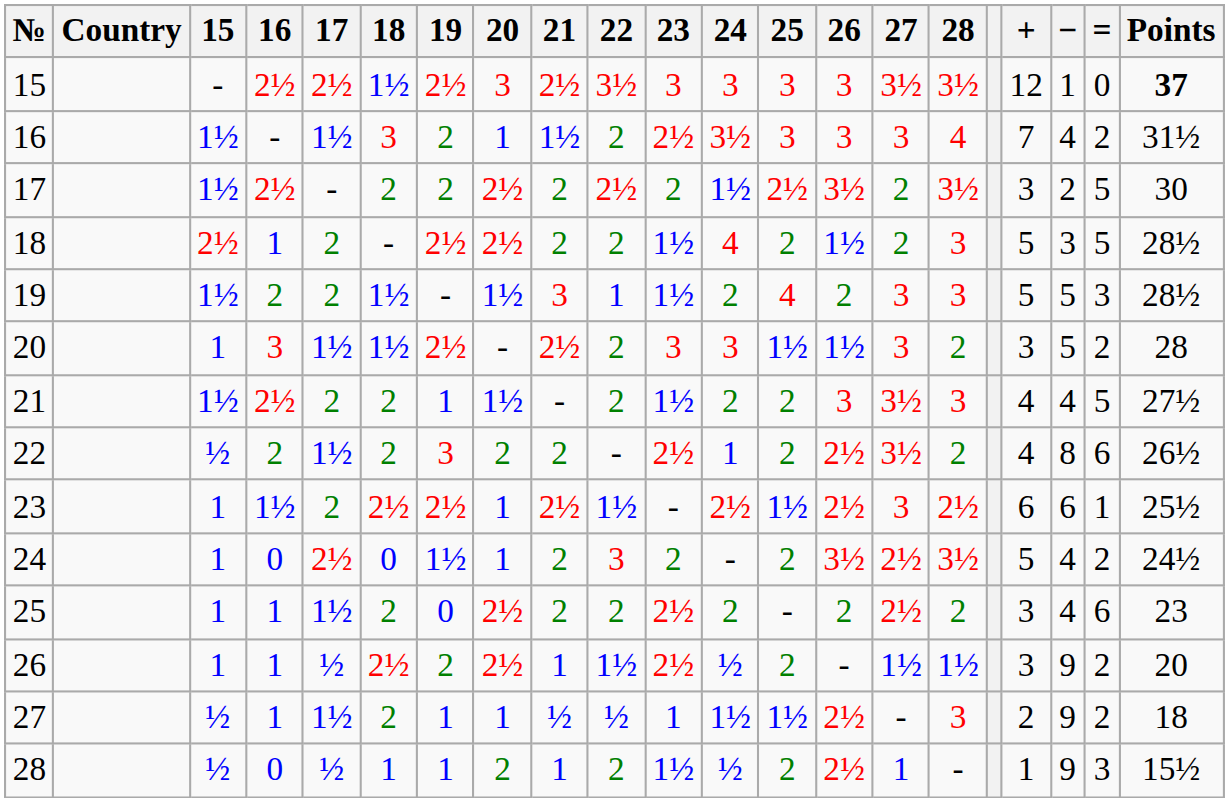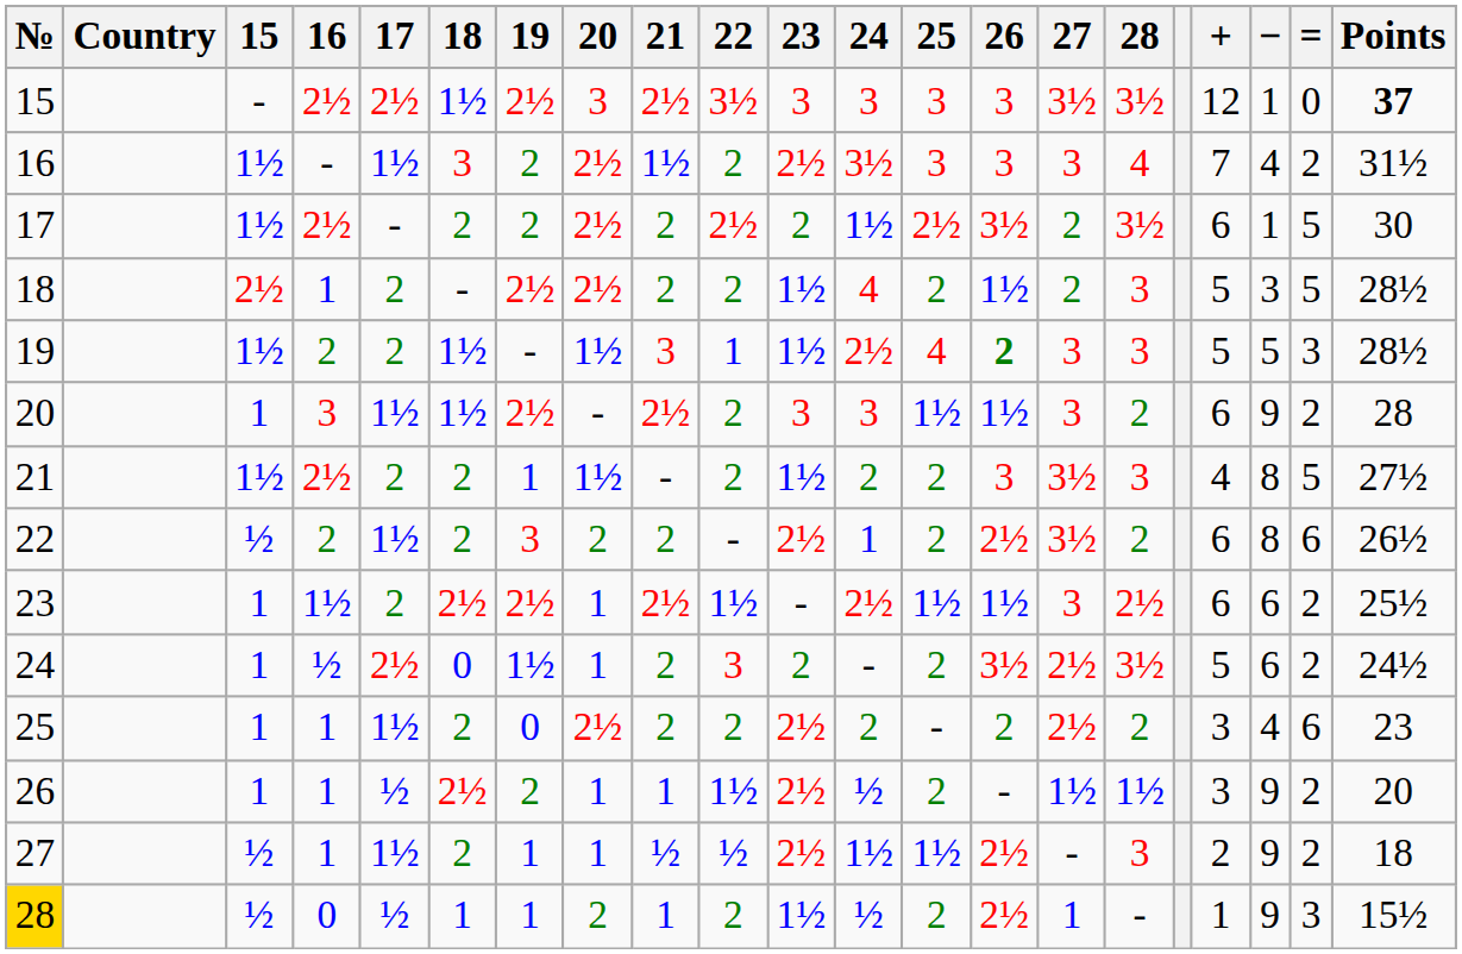 <table class="wikitable" style="text-align:center">
 <tr>
 <th>№</th>
 <th>Country</th>
 <th>15</th>
 <th>16</th>
 <th>17</th>
 <th>18</th>
 <th>19</th>
 <th>20</th>
 <th>21</th>
 <th>22</th>
 <th>23</th>
 <th>24</th>
 <th>25</th>
 <th>26</th>
 <th>27</th>
 <th>28</th>
 <th></th>
 <th>+</th>
 <th>−</th>
 <th>=</th>
 <th>Points</th>
 </tr>
 <tr>
 <td>15</td>
 <td style="text-align: left"></td>
 <td>-</td>
 <td style="color:red;">2½</td>
 <td style="color:red;">2½</td>
 <td style="color:blue;">1½</td>
 <td style="color:red;">2½</td>
 <td style="color:red;">3</td>
 <td style="color:red;">2½</td>
 <td style="color:red;">3½</td>
 <td style="color:red;">3</td>
 <td style="color:red;">3</td>
 <td style="color:red;">3</td>
 <td style="color:red;">3</td>
 <td style="color:red;">3½</td>
 <td style="color:red;">3½</td>
 <th></th>
 <td>12</td>
 <td>1</td>
 <td>0</td>
 <td><strong>37 </strong></td>
 </tr>
 <tr>
 <td>16</td>
 <td style="text-align: left"></td>
 <td style="color:blue;">1½</td>
 <td>-</td>
 <td style="color:blue;">1½</td>
 <td style="color:red;">3</td>
 <td style="color:green;">2</td>
-<td style="color:blue;">1</td>
+<td style="color:red;">2½</td>
 <td style="color:blue;">1½</td>
 <td style="color:green;">2</td>
 <td style="color:red;">2½</td>
 <td style="color:red;">3½</td>
 <td style="color:red;">3</td>
 <td style="color:red;">3</td>
 <td style="color:red;">3</td>
 <td style="color:red;">4</td>
 <th></th>
 <td>7</td>
 <td>4</td>
 <td>2</td>
 <td>31½</td>
 </tr>
 <tr>
 <td>17</td>
 <td style="text-align: left"></td>
 <td style="color:blue;">1½</td>
 <td style="color:red;">2½</td>
 <td>-</td>
 <td style="color:green;">2</td>
 <td style="color:green;">2</td>
 <td style="color:red;">2½</td>
 <td style="color:green;">2</td>
 <td style="color:red;">2½</td>
 <td style="color:green;">2</td>
 <td style="color:blue;">1½</td>
 <td style="color:red;">2½</td>
 <td style="color:red;">3½</td>
 <td style="color:green;">2</td>
 <td style="color:red;">3½</td>
 <th></th>
-<td>3</td>
-<td>2</td>
+<td>6</td>
+<td>1</td>
 <td>5</td>
 <td>30</td>
 </tr>
 <tr>
 <td>18</td>
 <td style="text-align: left"></td>
 <td style="color:red;">2½</td>
 <td style="color:blue;">1</td>
 <td style="color:green;">2</td>
 <td>-</td>
 <td style="color:red;">2½</td>
 <td style="color:red;">2½</td>
 <td style="color:green;">2</td>
 <td style="color:green;">2</td>
 <td style="color:blue;">1½</td>
 <td style="color:red;">4</td>
 <td style="color:green;">2</td>
 <td style="color:blue;">1½</td>
 <td style="color:green;">2</td>
 <td style="color:red;">3</td>
 <th></th>
 <td>5</td>
 <td>3</td>
 <td>5</td>
 <td>28½</td>
 </tr>
 <tr>
 <td>19</td>
 <td style="text-align: left"></td>
 <td style="color:blue;">1½</td>
 <td style="color:green;">2</td>
 <td style="color:green;">2</td>
 <td style="color:blue;">1½</td>
 <td>-</td>
 <td style="color:blue;">1½</td>
 <td style="color:red;">3</td>
 <td style="color:blue;">1</td>
 <td style="color:blue;">1½</td>
-<td style="color:green;">2</td>
+<td style="color:red;">2½</td>
 <td style="color:red;">4</td>
-<td style="color:green;">2</td>
+<td style="color:green;"><strong>2</strong></td>
 <td style="color:red;">3</td>
 <td style="color:red;">3</td>
 <th></th>
 <td>5</td>
 <td>5</td>
 <td>3</td>
 <td>28½</td>
 </tr>
 <tr>
 <td>20</td>
 <td style="text-align: left"></td>
 <td style="color:blue;">1</td>
 <td style="color:red;">3</td>
 <td style="color:blue;">1½</td>
 <td style="color:blue;">1½</td>
 <td style="color:red;">2½</td>
 <td>-</td>
 <td style="color:red;">2½</td>
 <td style="color:green;">2</td>
 <td style="color:red;">3</td>
 <td style="color:red;">3</td>
 <td style="color:blue;">1½</td>
 <td style="color:blue;">1½</td>
 <td style="color:red;">3</td>
 <td style="color:green;">2</td>
 <th></th>
-<td>3</td>
-<td>5</td>
+<td>6</td>
+<td>9</td>
 <td>2</td>
 <td>28</td>
 </tr>
 <tr>
 <td>21</td>
 <td style="text-align: left"></td>
 <td style="color:blue;">1½</td>
 <td style="color:red;">2½</td>
 <td style="color:green;">2</td>
 <td style="color:green;">2</td>
 <td style="color:blue;">1</td>
 <td style="color:blue;">1½</td>
 <td>-</td>
 <td style="color:green;">2</td>
 <td style="color:blue;">1½</td>
 <td style="color:green;">2</td>
 <td style="color:green;">2</td>
 <td style="color:red;">3</td>
 <td style="color:red;">3½</td>
 <td style="color:red;">3</td>
 <th></th>
 <td>4</td>
-<td>4</td>
+<td>8</td>
 <td>5</td>
 <td>27½</td>
 </tr>
 <tr>
 <td>22</td>
 <td style="text-align: left"></td>
 <td style="color:blue;">½</td>
 <td style="color:green;">2</td>
 <td style="color:blue;">1½</td>
 <td style="color:green;">2</td>
 <td style="color:red;">3</td>
 <td style="color:green;">2</td>
 <td style="color:green;">2</td>
 <td>-</td>
 <td style="color:red;">2½</td>
 <td style="color:blue;">1</td>
 <td style="color:green;">2</td>
 <td style="color:red;">2½</td>
 <td style="color:red;">3½</td>
 <td style="color:green;">2</td>
 <th></th>
-<td>4</td>
+<td>6</td>
 <td>8</td>
 <td>6</td>
 <td>26½</td>
 </tr>
 <tr>
 <td>23</td>
 <td style="text-align: left"></td>
 <td style="color:blue;">1</td>
 <td style="color:blue;">1½</td>
 <td style="color:green;">2</td>
 <td style="color:red;">2½</td>
 <td style="color:red;">2½</td>
 <td style="color:blue;">1</td>
 <td style="color:red;">2½</td>
 <td style="color:blue;">1½</td>
 <td>-</td>
 <td style="color:red;">2½</td>
 <td style="color:blue;">1½</td>
-<td style="color:red;">2½</td>
+<td style="color:blue;">1½</td>
 <td style="color:red;">3</td>
 <td style="color:red;">2½</td>
 <th></th>
 <td>6</td>
 <td>6</td>
-<td>1</td>
+<td>2</td>
 <td>25½</td>
 </tr>
 <tr>
 <td>24</td>
 <td style="text-align: left"></td>
 <td style="color:blue;">1</td>
-<td style="color:blue;">0</td>
+<td style="color:blue;">½</td>
 <td style="color:red;">2½</td>
 <td style="color:blue;">0</td>
 <td style="color:blue;">1½</td>
 <td style="color:blue;">1</td>
 <td style="color:green;">2</td>
 <td style="color:red;">3</td>
 <td style="color:green;">2</td>
 <td>-</td>
 <td style="color:green;">2</td>
 <td style="color:red;">3½</td>
 <td style="color:red;">2½</td>
 <td style="color:red;">3½</td>
 <th></th>
 <td>5</td>
-<td>4</td>
+<td>6</td>
 <td>2</td>
 <td>24½</td>
 </tr>
 <tr>
 <td>25</td>
 <td style="text-align: left"></td>
 <td style="color:blue;">1</td>
 <td style="color:blue;">1</td>
 <td style="color:blue;">1½</td>
 <td style="color:green;">2</td>
 <td style="color:blue;">0</td>
 <td style="color:red;">2½</td>
 <td style="color:green;">2</td>
 <td style="color:green;">2</td>
 <td style="color:red;">2½</td>
 <td style="color:green;">2</td>
 <td>-</td>
 <td style="color:green;">2</td>
 <td style="color:red;">2½</td>
 <td style="color:green;">2</td>
 <th></th>
 <td>3</td>
 <td>4</td>
 <td>6</td>
 <td>23</td>
 </tr>
 <tr>
 <td>26</td>
 <td style="text-align: left"></td>
 <td style="color:blue;">1</td>
 <td style="color:blue;">1</td>
 <td style="color:blue;">½</td>
 <td style="color:red;">2½</td>
 <td style="color:green;">2</td>
-<td style="color:red;">2½</td>
+<td style="color:blue;">1</td>
 <td style="color:blue;">1</td>
 <td style="color:blue;">1½</td>
 <td style="color:red;">2½</td>
 <td style="color:blue;">½</td>
 <td style="color:green;">2</td>
 <td>-</td>
 <td style="color:blue;">1½</td>
 <td style="color:blue;">1½</td>
 <th></th>
 <td>3</td>
 <td>9</td>
 <td>2</td>
 <td>20</td>
 </tr>
 <tr>
 <td>27</td>
 <td style="text-align: left"></td>
 <td style="color:blue;">½</td>
 <td style="color:blue;">1</td>
 <td style="color:blue;">1½</td>
 <td style="color:green;">2</td>
 <td style="color:blue;">1</td>
 <td style="color:blue;">1</td>
 <td style="color:blue;">½</td>
 <td style="color:blue;">½</td>
-<td style="color:blue;">1</td>
+<td style="color:red;">2½</td>
 <td style="color:blue;">1½</td>
 <td style="color:blue;">1½</td>
 <td style="color:red;">2½</td>
 <td>-</td>
 <td style="color:red;">3</td>
 <th></th>
 <td>2</td>
 <td>9</td>
 <td>2</td>
 <td>18</td>
 </tr>
 <tr>
-<td>28</td>
+<td style="background: gold;">28</td>
 <td style="text-align: left"></td>
 <td style="color:blue;">½</td>
 <td style="color:blue;">0</td>
 <td style="color:blue;">½</td>
 <td style="color:blue;">1</td>
 <td style="color:blue;">1</td>
 <td style="color:green;">2</td>
 <td style="color:blue;">1</td>
 <td style="color:green;">2</td>
 <td style="color:blue;">1½</td>
 <td style="color:blue;">½</td>
 <td style="color:green;">2</td>
 <td style="color:red;">2½</td>
 <td style="color:blue;">1</td>
 <td>-</td>
 <th></th>
 <td>1</td>
 <td>9</td>
 <td>3</td>
 <td>15½</td>
 </tr>
 </table>
